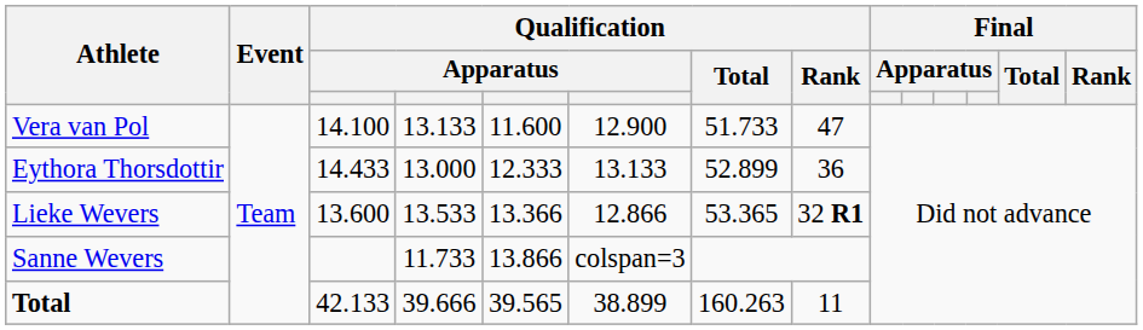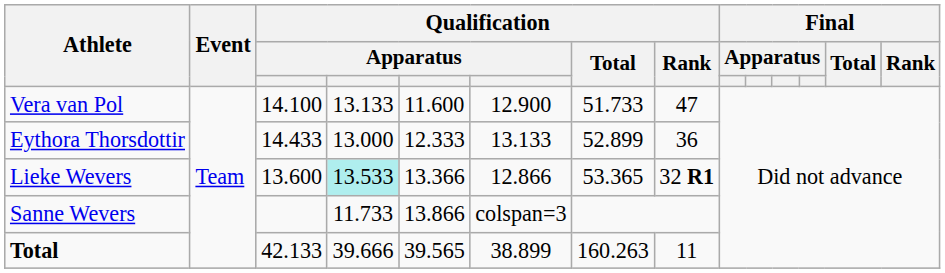 <table class="wikitable" style="font-size:90%">
 <tr>
 <th rowspan=3>Athlete</th>
 <th rowspan=3>Event</th>
 <th colspan=6>Qualification</th>
 <th colspan=6>Final</th>
 </tr>
 <tr style="font-size:95%">
 <th colspan=4>Apparatus</th>
 <th rowspan=2>Total</th>
 <th rowspan=2>Rank</th>
 <th colspan=4>Apparatus</th>
 <th rowspan=2>Total</th>
 <th rowspan=2>Rank</th>
 </tr>
 <tr style="font-size:95%">
 <th></th>
 <th></th>
 <th></th>
 <th></th>
 <th></th>
 <th></th>
 <th></th>
 <th></th>
 </tr>
 <tr align=center>
 <td align=left><a href='#'>Vera van Pol</a></td>
 <td align=left rowspan=5><a href='#'>Team</a></td>
 <td>14.100</td>
 <td>13.133</td>
 <td>11.600</td>
 <td>12.900</td>
 <td>51.733</td>
 <td>47</td>
 <td colspan=6 rowspan=5>Did not advance</td>
 </tr>
 <tr align=center>
 <td align=left><a href='#'>Eythora Thorsdottir</a></td>
 <td>14.433</td>
 <td>13.000</td>
 <td>12.333</td>
 <td>13.133</td>
 <td>52.899</td>
 <td>36</td>
 </tr>
 <tr align=center>
 <td align=left><a href='#'>Lieke Wevers</a></td>
 <td>13.600</td>
-<td>13.533</td>
+<td style="background: paleturquoise;">13.533</td>
 <td>13.366</td>
 <td>12.866</td>
 <td>53.365</td>
 <td>32 <strong>R1</strong></td>
 </tr>
 <tr align=center>
 <td align=left><a href='#'>Sanne Wevers</a></td>
 <td></td>
 <td>11.733</td>
 <td>13.866</td>
 <td>colspan=3 </td>
 </tr>
 <tr align=center>
 <td align=left><strong>Total</strong></td>
 <td>42.133</td>
 <td>39.666</td>
 <td>39.565</td>
 <td>38.899</td>
 <td>160.263</td>
 <td>11</td>
 </tr>
 </table>
